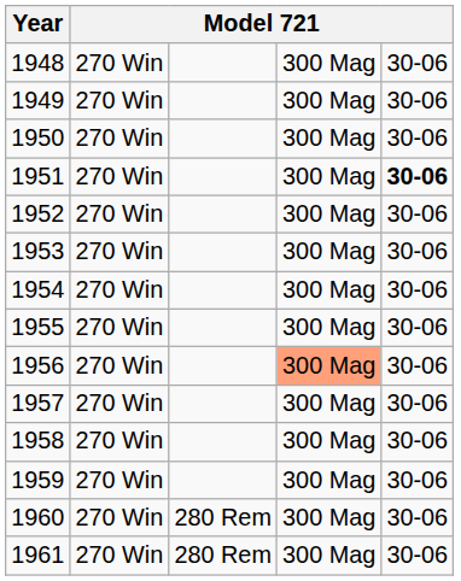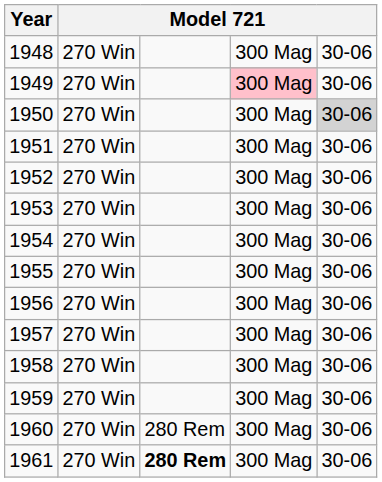 <table class="wikitable">
 <tr>
 <th>Year</th>
 <th colspan="4">Model 721</th>
 </tr>
 <tr>
 <td>1948</td>
 <td>270 Win</td>
 <td></td>
 <td>300 Mag</td>
 <td>30-06</td>
 </tr>
 <tr>
 <td>1949</td>
 <td>270 Win</td>
 <td></td>
-<td>300 Mag</td>
+<td style="background: pink;">300 Mag</td>
 <td>30-06</td>
 </tr>
 <tr>
 <td>1950</td>
 <td>270 Win</td>
 <td></td>
 <td>300 Mag</td>
-<td>30-06</td>
+<td style="background: lightgrey;">30-06</td>
 </tr>
 <tr>
 <td>1951</td>
 <td>270 Win</td>
 <td></td>
 <td>300 Mag</td>
-<td><strong>30-06</strong></td>
+<td>30-06</td>
 </tr>
 <tr>
 <td>1952</td>
 <td>270 Win</td>
 <td></td>
 <td>300 Mag</td>
 <td>30-06</td>
 </tr>
 <tr>
 <td>1953</td>
 <td>270 Win</td>
 <td></td>
 <td>300 Mag</td>
 <td>30-06</td>
 </tr>
 <tr>
 <td>1954</td>
 <td>270 Win</td>
 <td></td>
 <td>300 Mag</td>
 <td>30-06</td>
 </tr>
 <tr>
 <td>1955</td>
 <td>270 Win</td>
 <td></td>
 <td>300 Mag</td>
 <td>30-06</td>
 </tr>
 <tr>
 <td>1956</td>
 <td>270 Win</td>
 <td></td>
-<td style="background: lightsalmon;">300 Mag</td>
+<td>300 Mag</td>
 <td>30-06</td>
 </tr>
 <tr>
 <td>1957</td>
 <td>270 Win</td>
 <td></td>
 <td>300 Mag</td>
 <td>30-06</td>
 </tr>
 <tr>
 <td>1958</td>
 <td>270 Win</td>
 <td></td>
 <td>300 Mag</td>
 <td>30-06</td>
 </tr>
 <tr>
 <td>1959</td>
 <td>270 Win</td>
 <td></td>
 <td>300 Mag</td>
 <td>30-06</td>
 </tr>
 <tr>
 <td>1960</td>
 <td>270 Win</td>
 <td>280 Rem</td>
 <td>300 Mag</td>
 <td>30-06</td>
 </tr>
 <tr>
 <td>1961</td>
 <td>270 Win</td>
-<td>280 Rem</td>
+<td><strong>280 Rem</strong></td>
 <td>300 Mag</td>
 <td>30-06</td>
 </tr>
 </table>
